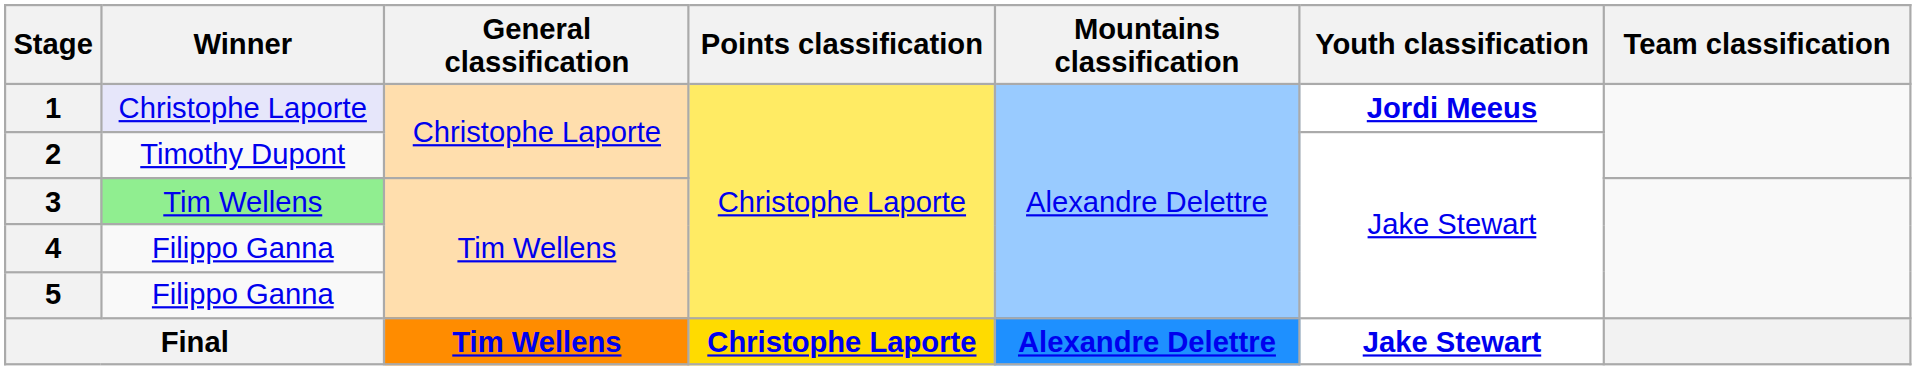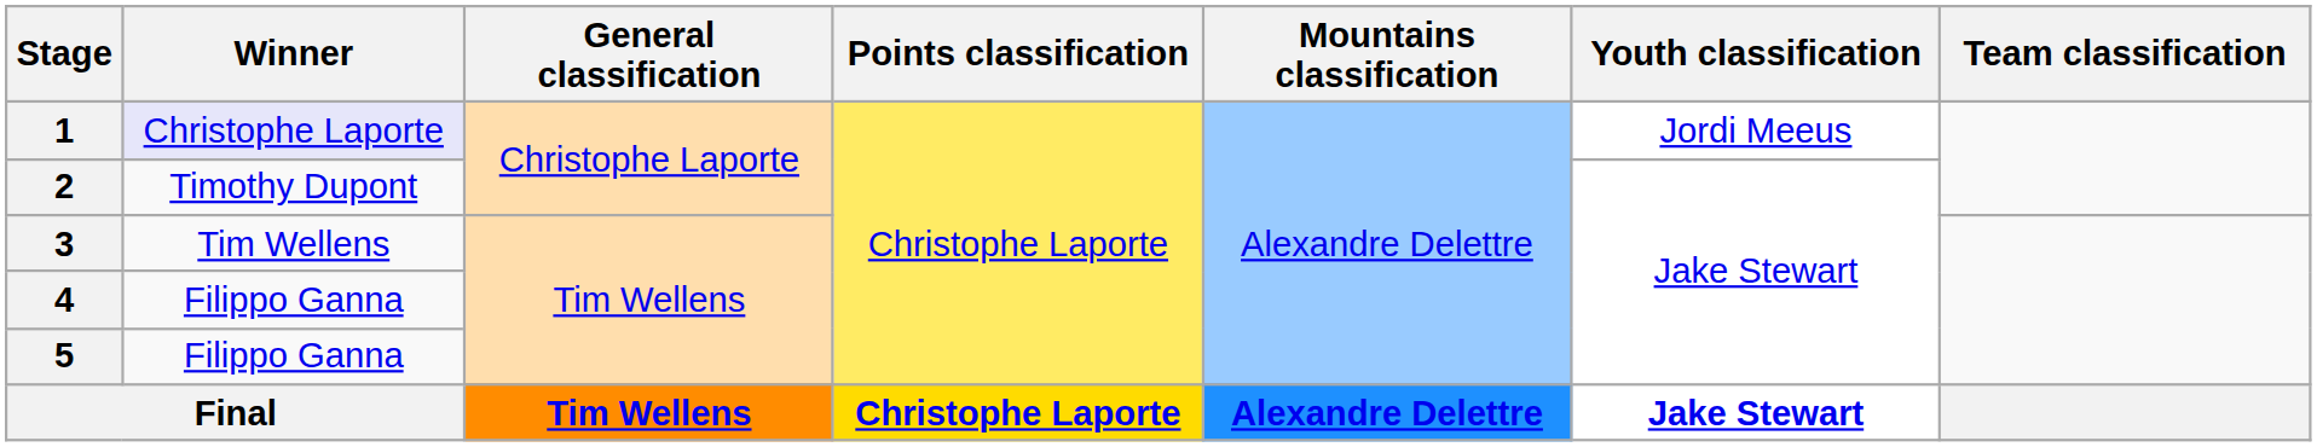 <table class="wikitable" style="text-align: center; font-size:smaller;">
 <tr style="background:#efefef;">
 <th style="width:1%;">Stage</th>
 <th style="width:13%;">Winner</th>
 <th style="width:14%;">General classification<br></th>
 <th style="width:14%;">Points classification<br></th>
 <th style="width:14%;">Mountains classification<br></th>
 <th style="width:14%;">Youth classification<br></th>
 <th style="width:14%;">Team classification</th>
 </tr>
 <tr>
 <th>1</th>
 <td style="background: lavender;"><a href='#'>Christophe Laporte</a></td>
 <td style="background:navajowhite;" rowspan="2"><a href='#'>Christophe Laporte</a></td>
 <td style="background:#FFEB64;" rowspan="5"><a href='#'>Christophe Laporte</a></td>
 <td style="background:#99CBFF;" rowspan="5"><a href='#'>Alexandre Delettre</a></td>
-<td style="background:white;"><strong><a href='#'>Jordi Meeus</a></strong></td>
+<td style="background:white;"><a href='#'>Jordi Meeus</a></td>
 <td style="background:offwhite" rowspan="2"></td>
 </tr>
 <tr>
 <th>2</th>
 <td><a href='#'>Timothy Dupont</a></td>
 <td style="background:white;" rowspan="4"><a href='#'>Jake Stewart</a></td>
 </tr>
 <tr>
 <th>3</th>
-<td style="background: lightgreen;"><a href='#'>Tim Wellens</a></td>
+<td><a href='#'>Tim Wellens</a></td>
 <td style="background:navajowhite;" rowspan="3"><a href='#'>Tim Wellens</a></td>
 <td style="background:offwhite;" rowspan="3"></td>
 </tr>
 <tr>
 <th>4</th>
 <td><a href='#'>Filippo Ganna</a></td>
 </tr>
 <tr>
 <th>5</th>
 <td><a href='#'>Filippo Ganna</a></td>
 </tr>
 <tr>
 <th colspan="2"><strong>Final</strong></th>
 <th style="background:#FF8C00;"><a href='#'>Tim Wellens</a></th>
 <th style="background:#FFDB00;"><a href='#'>Christophe Laporte</a></th>
 <th style="background:dodgerblue;"><a href='#'>Alexandre Delettre</a></th>
 <th style="background:white;"><a href='#'>Jake Stewart</a></th>
 <th style="background:offwhite;"></th>
 </tr>
 </table>
